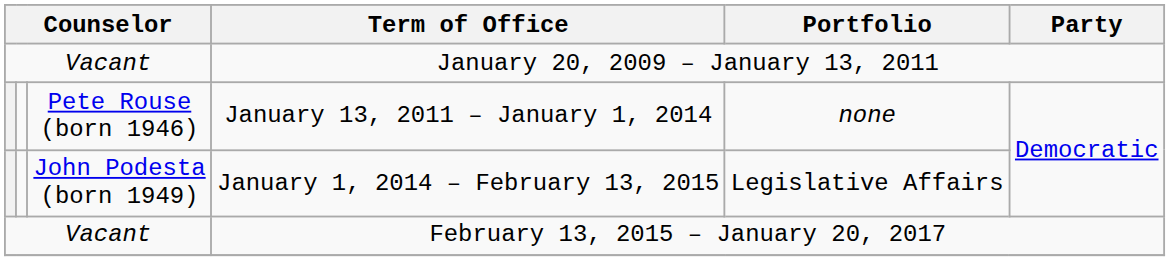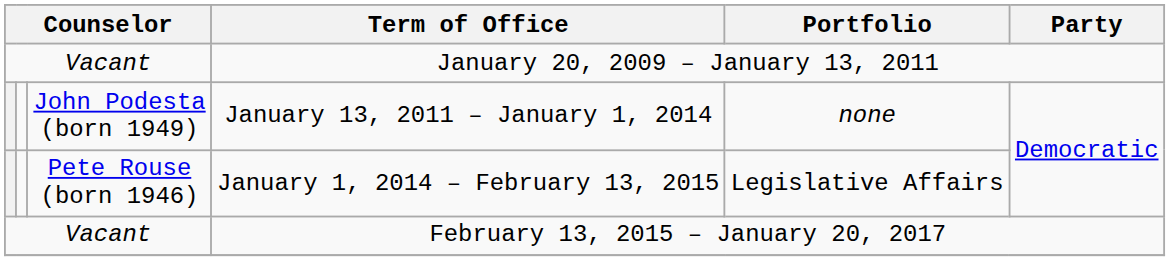 <table class="wikitable sortable" style="text-align:center">
 <tr>
 <th colspan="3">Counselor</th>
 <th>Term of Office</th>
 <th>Portfolio</th>
 <th>Party</th>
 </tr>
 <tr>
 <td colspan=3><em>Vacant</em></td>
 <td colspan=3>January 20, 2009 – January 13, 2011</td>
 </tr>
 <tr>
 <th style="background:"></th>
 <td></td>
-<td><a href='#'>Pete Rouse</a><br>(born 1946)</td>
+<td><a href='#'>John Podesta</a><br>(born 1949)</td>
 <td>January 13, 2011 – January 1, 2014</td>
 <td><em>none</em></td>
 <td rowspan="2"><a href='#'>Democratic</a></td>
 </tr>
 <tr>
 <th style="background:"></th>
 <td></td>
-<td><a href='#'>John Podesta</a><br>(born 1949)</td>
+<td><a href='#'>Pete Rouse</a><br>(born 1946)</td>
 <td>January 1, 2014 – February 13, 2015</td>
 <td>Legislative Affairs</td>
 </tr>
 <tr>
 <td colspan=3><em>Vacant</em></td>
 <td colspan=3>February 13, 2015 – January 20, 2017</td>
 </tr>
 <tr>
 </tr>
 </table>
